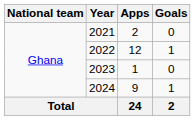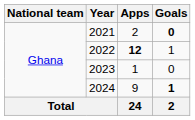 <table class="wikitable" style="text-align: center;">
 <tr>
 <th>National team</th>
 <th>Year</th>
 <th>Apps</th>
 <th>Goals</th>
 </tr>
 <tr>
 <td rowspan="4"><a href='#'>Ghana</a></td>
 <td>2021</td>
 <td>2</td>
-<td>0</td>
+<td><strong>0</strong></td>
 </tr>
 <tr>
 <td>2022</td>
-<td>12</td>
+<td><strong>12</strong></td>
 <td>1</td>
 </tr>
 <tr>
 <td>2023</td>
 <td>1</td>
 <td>0</td>
 </tr>
 <tr>
 <td>2024</td>
 <td>9</td>
-<td>1</td>
+<td><strong>1</strong></td>
 </tr>
 <tr>
 <th colspan="2">Total</th>
 <th>24</th>
 <th>2</th>
 </tr>
 </table>
